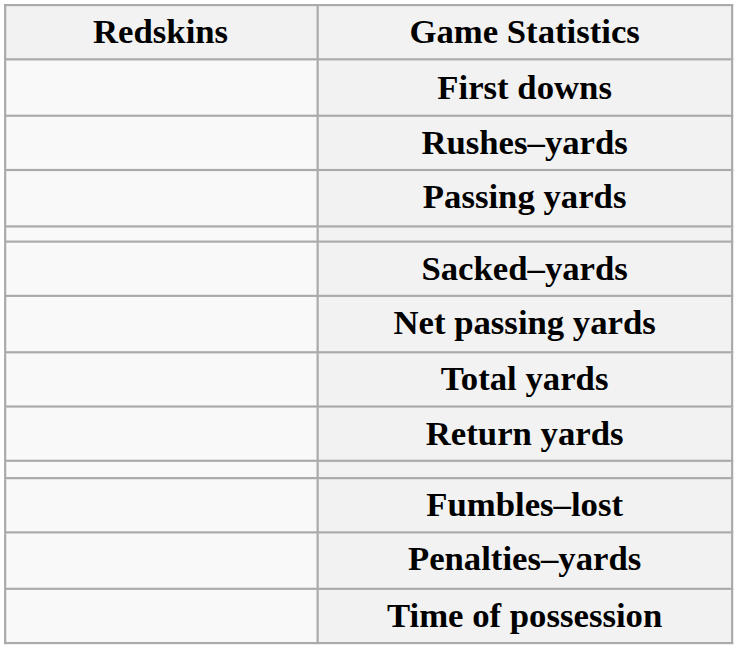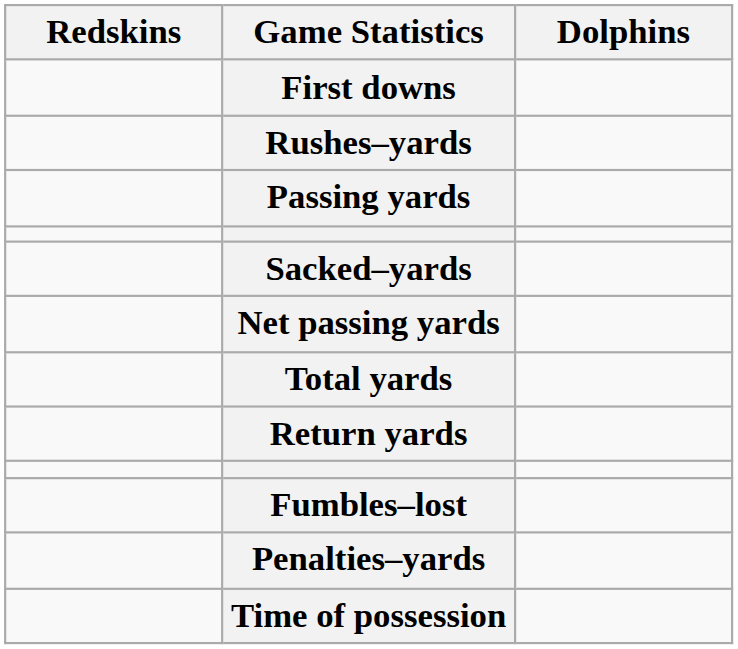 <table class="wikitable" style="margin: 1em auto 1em auto">
 <tr>
 <th style="width:30%;">Redskins</th>
 <th style="width:40%;">Game Statistics</th>
+<th style="width:30%;">Dolphins</th>
 </tr>
 <tr>
 <td style="text-align:right;"></td>
 <th>First downs</th>
+<td></td>
 </tr>
 <tr>
 <td style="text-align:right;"></td>
 <th>Rushes–yards</th>
+<td></td>
 </tr>
 <tr>
 <td style="text-align:right;"></td>
 <th>Passing yards</th>
+<td></td>
 </tr>
 <tr>
 <td style="text-align:right;"></td>
 <th></th>
+<td></td>
 </tr>
 <tr>
 <td style="text-align:right;"></td>
 <th>Sacked–yards</th>
+<td></td>
 </tr>
 <tr>
 <td style="text-align:right;"></td>
 <th>Net passing yards</th>
+<td></td>
 </tr>
 <tr>
 <td style="text-align:right;"></td>
 <th>Total yards</th>
+<td></td>
 </tr>
 <tr>
 <td style="text-align:right;"></td>
 <th>Return yards</th>
+<td></td>
 </tr>
 <tr>
 <td style="text-align:right;"></td>
 <th></th>
+<td></td>
 </tr>
 <tr>
 <td style="text-align:right;"></td>
 <th>Fumbles–lost</th>
+<td></td>
 </tr>
 <tr>
 <td style="text-align:right;"></td>
 <th>Penalties–yards</th>
+<td></td>
 </tr>
 <tr>
 <td style="text-align:right;"></td>
 <th>Time of possession</th>
+<td></td>
 </tr>
 </table>
